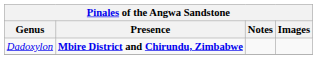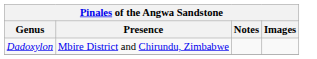 <table class="wikitable" align="center">
 <tr>
 <th colspan="5" align="center"><strong><a href='#'>Pinales</a> of the Angwa Sandstone</strong></th>
 </tr>
 <tr>
 <th>Genus</th>
 <th>Presence</th>
 <th>Notes</th>
 <th>Images</th>
 </tr>
 <tr>
 <td><em><a href='#'>Dadoxylon</a></em></td>
-<td><strong><a href='#'>Mbire District</a> and <a href='#'>Chirundu, Zimbabwe</a></strong></td>
+<td><a href='#'>Mbire District</a> and <a href='#'>Chirundu, Zimbabwe</a></td>
 <td></td>
 <td></td>
 </tr>
 <tr>
 </tr>
 </table>
